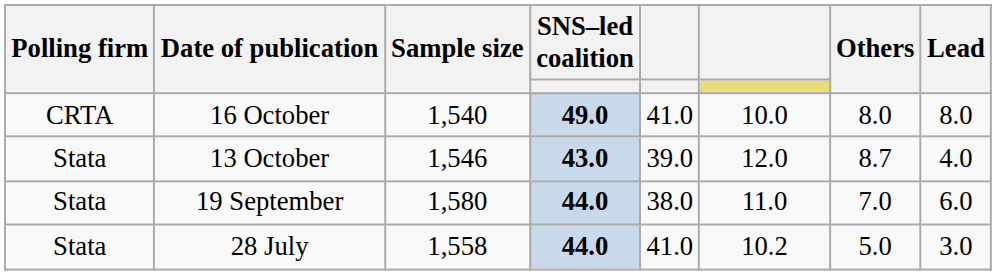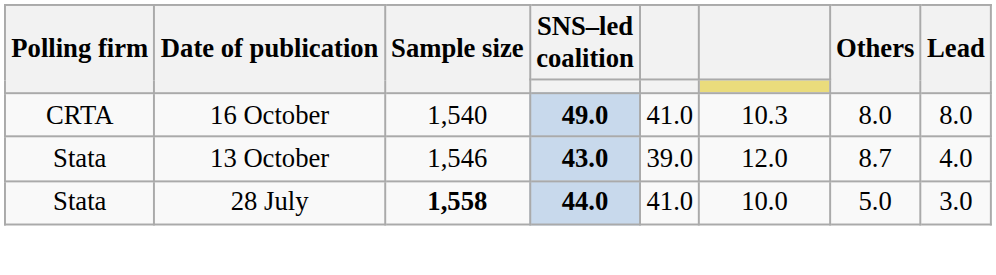 <table class="wikitable" style="text-align:center; font-size:85%; line-height:16px; margin-bottom:0">
 <tr>
 <th rowspan="2">Polling firm</th>
 <th rowspan="2">Date of publication</th>
 <th rowspan="2">Sample size</th>
 <th>SNS–led<br>coalition</th>
 <th></th>
 <th></th>
 <th rowspan="2">Others</th>
 <th rowspan="2">Lead</th>
 </tr>
 <tr>
 <th style="background:"></th>
 <th style="background:"></th>
 <th style="background:#EADC7C; width:60px"></th>
 </tr>
 <tr>
 <td>CRTA</td>
 <td>16 October</td>
 <td>1,540</td>
 <td style="background:#C8D9EC"><strong>49.0</strong></td>
 <td>41.0</td>
-<td>10.0</td>
+<td>10.3</td>
 <td>8.0</td>
 <td style="background:">8.0</td>
 </tr>
 <tr>
 <td>Stata</td>
 <td>13 October</td>
 <td>1,546</td>
 <td style="background:#C8D9EC"><strong>43.0</strong></td>
 <td>39.0</td>
 <td>12.0</td>
 <td>8.7</td>
 <td style="background:">4.0</td>
 </tr>
 <tr>
 <td>Stata</td>
-<td>19 September</td>
-<td>1,580</td>
-<td style="background:#C8D9EC"><strong>44.0</strong></td>
-<td>38.0</td>
-<td>11.0</td>
-<td>7.0</td>
-<td style="background:">6.0</td>
-</tr>
-<tr>
-<td>Stata</td>
 <td>28 July</td>
-<td>1,558</td>
+<td><strong>1,558</strong></td>
 <td style="background:#C8D9EC"><strong>44.0</strong></td>
 <td>41.0</td>
-<td>10.2</td>
+<td>10.0</td>
 <td>5.0</td>
 <td style="background:">3.0</td>
 </tr>
 </table>
